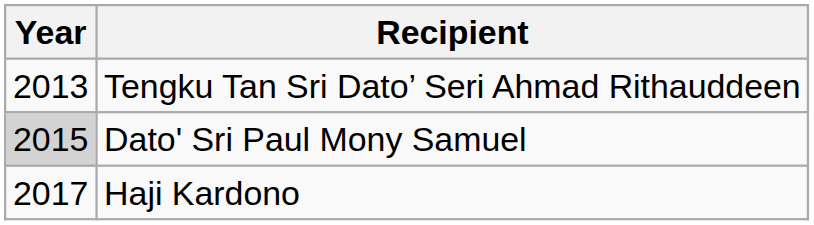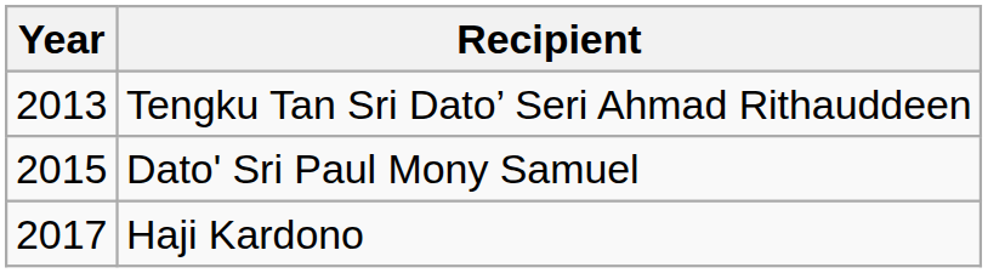 <table class="wikitable" style="font-size: 95%;">
 <tr>
 <th>Year</th>
 <th>Recipient</th>
 </tr>
 <tr>
 <td>2013</td>
 <td> Tengku Tan Sri Dato’ Seri Ahmad Rithauddeen</td>
 </tr>
 <tr>
-<td style="background: lightgrey;">2015</td>
+<td>2015</td>
 <td> Dato' Sri Paul Mony Samuel</td>
 </tr>
 <tr>
 <td>2017</td>
 <td> Haji Kardono</td>
 </tr>
 </table>
